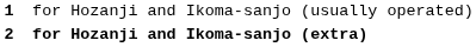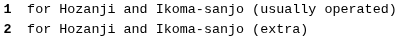 <table>
 <tr>
 <th width="30px">1</th>
 <td width="500px">for Hozanji and Ikoma-sanjo (usually operated)</td>
 </tr>
 <tr>
 <th width="30px">2</th>
-<td width="500px"><strong>for Hozanji and Ikoma-sanjo (extra)</strong></td>
+<td width="500px">for Hozanji and Ikoma-sanjo (extra)</td>
 </tr>
 </table>
